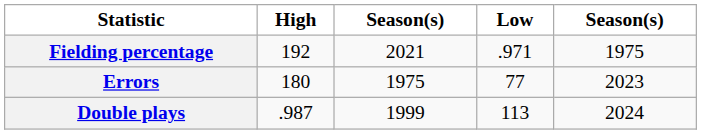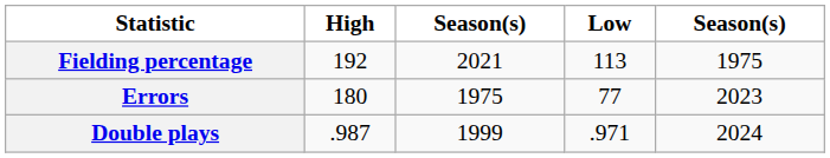 <table class="wikitable sortable plainrowheaders" style="text-align:center">
 <tr>
 <th width="200px" scope="col" style="background-color:#ffffff; border-top:#">Statistic</th>
 <th width="55px" class="unsortable" scope="col" style="background-color:#ffffff; border-top:#">High</th>
 <th width="110px" scope="col" style="background-color:#ffffff; border-top:#">Season(s)</th>
 <th width="55px" class="unsortable" scope="col" style="background-color:#ffffff; border-top:#">Low</th>
 <th width="110px" scope="col" style="background-color:#ffffff; border-top:#">Season(s)</th>
 </tr>
 <tr>
 <th scope="row" style="text-align:center"><a href='#'>Fielding percentage</a></th>
 <td>192</td>
 <td>2021</td>
-<td>.971</td>
+<td>113</td>
 <td>1975</td>
 </tr>
 <tr>
 <th scope="row" style="text-align:center"><a href='#'>Errors</a></th>
 <td>180</td>
 <td>1975</td>
 <td>77</td>
 <td>2023</td>
 </tr>
 <tr>
 <th scope="row" style="text-align:center"><a href='#'>Double plays</a></th>
 <td>.987</td>
 <td>1999</td>
-<td>113</td>
+<td>.971</td>
 <td>2024</td>
 </tr>
 </table>
